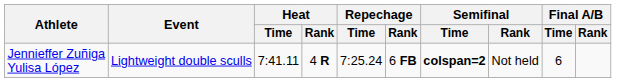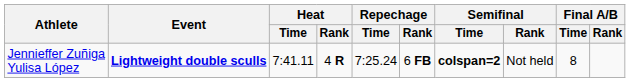 <table class=wikitable style=font-size:90%;text-align:center>
 <tr>
 <th rowspan=2>Athlete</th>
 <th rowspan=2>Event</th>
 <th colspan=2>Heat</th>
 <th colspan=2>Repechage</th>
 <th colspan=2>Semifinal</th>
 <th colspan=2>Final A/B</th>
 </tr>
 <tr style=font-size:95%>
 <th>Time</th>
 <th>Rank</th>
 <th>Time</th>
 <th>Rank</th>
 <th>Time</th>
 <th>Rank</th>
 <th>Time</th>
 <th>Rank</th>
 </tr>
 <tr>
 <td style="text-align:left"><a href='#'>Jennieffer Zuñiga</a><br><a href='#'>Yulisa López</a></td>
-<td style="text-align:left"><a href='#'>Lightweight double sculls</a></td>
+<td style="text-align:left"><strong><a href='#'>Lightweight double sculls</a></strong></td>
 <td>7:41.11</td>
 <td>4 <strong>R</strong></td>
 <td>7:25.24</td>
 <td>6 <strong>FB</strong></td>
 <td><strong>colspan=2 </strong></td>
 <td>Not held</td>
-<td>6</td>
+<td>8</td>
 </tr>
 </table>
